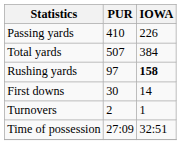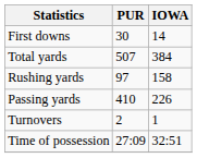 <table class="wikitable">
 <tr>
 <th>Statistics</th>
 <th>PUR</th>
 <th>IOWA</th>
 </tr>
 <tr>
-<td>Passing yards</td>
-<td>410</td>
-<td>226</td>
+<td>First downs</td>
+<td>30</td>
+<td>14</td>
 </tr>
 <tr>
 <td>Total yards</td>
 <td>507</td>
 <td>384</td>
 </tr>
 <tr>
 <td>Rushing yards</td>
 <td>97</td>
-<td><strong>158</strong></td>
+<td>158</td>
 </tr>
 <tr>
-<td>First downs</td>
-<td>30</td>
-<td>14</td>
+<td>Passing yards</td>
+<td>410</td>
+<td>226</td>
 </tr>
 <tr>
 <td>Turnovers</td>
 <td>2</td>
 <td>1</td>
 </tr>
 <tr>
 <td>Time of possession</td>
 <td>27:09</td>
 <td>32:51</td>
 </tr>
 <tr>
 </tr>
 </table>
